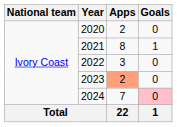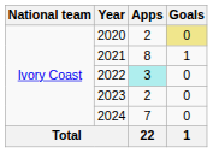 <table class="wikitable" style="text-align:center">
 <tr>
 <th>National team</th>
 <th>Year</th>
 <th>Apps</th>
 <th>Goals</th>
 </tr>
 <tr>
 <td rowspan="5"><a href='#'>Ivory Coast</a></td>
 <td>2020</td>
 <td>2</td>
-<td>0</td>
+<td style="background: khaki;">0</td>
 </tr>
 <tr>
 <td>2021</td>
 <td>8</td>
 <td>1</td>
 </tr>
 <tr>
 <td>2022</td>
-<td>3</td>
+<td style="background: paleturquoise;">3</td>
 <td>0</td>
 </tr>
 <tr>
 <td>2023</td>
-<td style="background: lightsalmon;">2</td>
+<td>2</td>
 <td>0</td>
 </tr>
 <tr>
 <td>2024</td>
 <td>7</td>
-<td style="background: pink;">0</td>
+<td>0</td>
 </tr>
 <tr>
 <th colspan="2">Total</th>
 <th>22</th>
 <th>1</th>
 </tr>
 </table>
